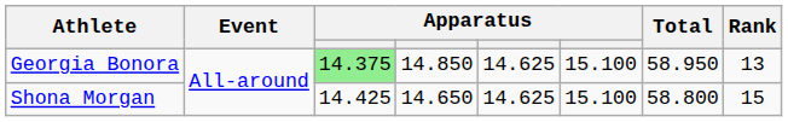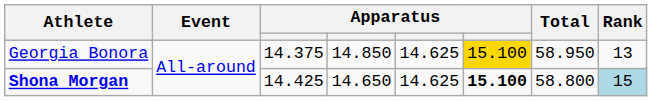 <table class="wikitable" style="font-size:90%">
 <tr>
 <th rowspan=2>Athlete</th>
 <th rowspan=2>Event</th>
 <th colspan =4>Apparatus</th>
 <th rowspan=2>Total</th>
 <th rowspan=2>Rank</th>
 </tr>
 <tr style="font-size:95%">
 <th></th>
 <th></th>
 <th></th>
 <th></th>
 </tr>
 <tr align=center>
 <td align=left><a href='#'>Georgia Bonora</a></td>
 <td align=left rowspan=2><a href='#'>All-around</a></td>
-<td style="background: lightgreen;">14.375</td>
+<td>14.375</td>
 <td>14.850</td>
 <td>14.625</td>
-<td>15.100</td>
+<td style="background: gold;">15.100</td>
 <td>58.950</td>
 <td>13</td>
 </tr>
 <tr align=center>
-<td align=left><a href='#'>Shona Morgan</a></td>
+<td align=left><strong><a href='#'>Shona Morgan</a></strong></td>
 <td>14.425</td>
 <td>14.650</td>
 <td>14.625</td>
-<td>15.100</td>
+<td><strong>15.100</strong></td>
 <td>58.800</td>
-<td>15</td>
+<td style="background: lightblue;">15</td>
 </tr>
 </table>
